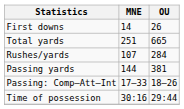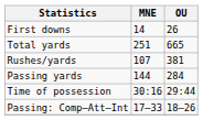 <table class="wikitable" style="float: left;">
 <tr>
 <th>Statistics</th>
 <th>MNE</th>
 <th>OU</th>
 </tr>
 <tr>
 <td>First downs</td>
 <td>14</td>
 <td>26</td>
 </tr>
 <tr>
 <td>Total yards</td>
 <td>251</td>
 <td>665</td>
 </tr>
 <tr>
 <td>Rushes/yards</td>
 <td>107</td>
-<td>284</td>
+<td>381</td>
 </tr>
 <tr>
 <td>Passing yards</td>
 <td>144</td>
-<td>381</td>
+<td>284</td>
+</tr>
+<tr>
+<td>Time of possession</td>
+<td>30:16</td>
+<td>29:44</td>
 </tr>
 <tr>
 <td>Passing: Comp–Att–Int</td>
 <td>17–33</td>
 <td>18–26</td>
 </tr>
 <tr>
-<td>Time of possession</td>
-<td>30:16</td>
-<td>29:44</td>
-</tr>
-<tr>
 </tr>
 </table>
